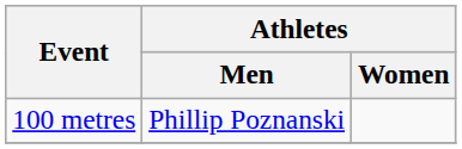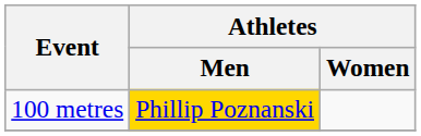 <table class=wikitable style="font-size:90%">
 <tr>
 <th rowspan=2>Event</th>
 <th colspan=2>Athletes</th>
 </tr>
 <tr>
 <th>Men</th>
 <th>Women</th>
 </tr>
 <tr>
 <td><a href='#'>100 metres</a></td>
-<td><a href='#'>Phillip Poznanski</a></td>
+<td style="background: gold;"><a href='#'>Phillip Poznanski</a></td>
 <td></td>
 </tr>
 <tr>
 </tr>
 </table>
